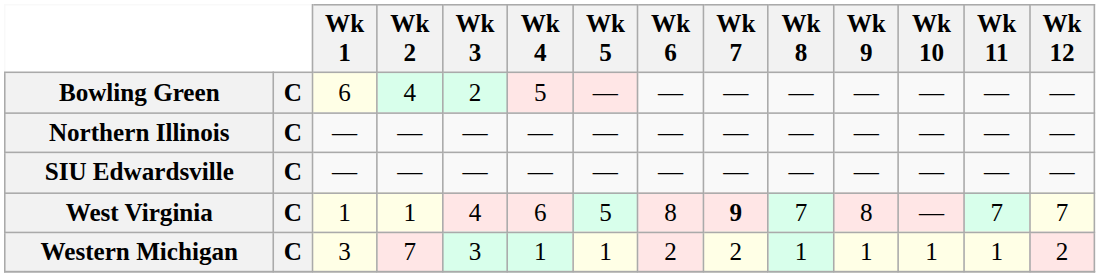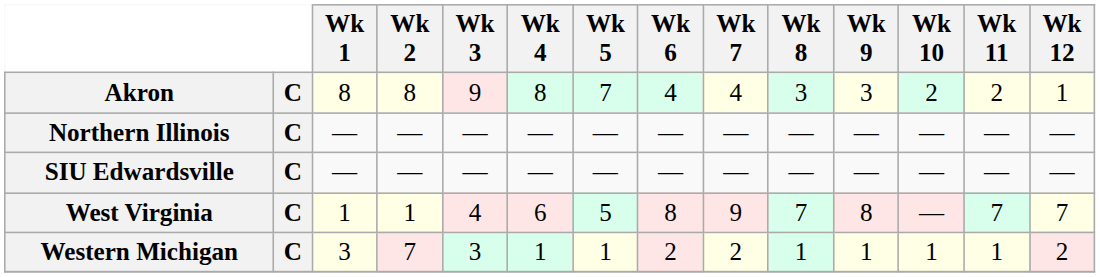 <table class="wikitable" style="text-align:center; width:55%">
 <tr>
 <th colspan=2 style="background:white; border-top-style:hidden; border-left-style:hidden;"> </th>
 <th>Wk<br>1</th>
 <th>Wk<br>2</th>
 <th>Wk<br>3</th>
 <th>Wk<br>4</th>
 <th>Wk<br>5</th>
 <th>Wk<br>6</th>
 <th>Wk<br>7</th>
 <th>Wk<br>8</th>
 <th>Wk<br>9</th>
 <th>Wk<br>10</th>
 <th>Wk<br>11</th>
 <th>Wk<br>12</th>
 </tr>
 <tr style="text-align:center;">
-<th>Bowling Green</th>
+<th>Akron</th>
 <th>C</th>
-<td style="background:#FFFFE6">6</td>
+<td style="background:#FFFFE6">8</td>
+<td style="background:#FFFFE6">8</td>
+<td style="background:#FFE6E6">9</td>
+<td style="background:#D8FFEB">8</td>
+<td style="background:#D8FFEB">7</td>
 <td style="background:#D8FFEB">4</td>
+<td style="background:#FFFFE6">4</td>
+<td style="background:#D8FFEB">3</td>
+<td style="background:#FFFFE6">3</td>
 <td style="background:#D8FFEB">2</td>
-<td style="background:#FFE6E6">5</td>
-<td style="background:#FFE6E6">—</td>
-<td style="background:#">—</td>
-<td style="background:#">—</td>
-<td style="background:#">—</td>
-<td style="background:#">—</td>
-<td style="background:#">—</td>
-<td style="background:#">—</td>
-<td style="background:#">—</td>
+<td style="background:#FFFFE6">2</td>
+<td style="background:#FFFFE6">1</td>
 </tr>
 <tr style="text-align:center;">
 <th>Northern Illinois</th>
 <th>C</th>
 <td style="background:#">—</td>
 <td style="background:#">—</td>
 <td style="background:#">—</td>
 <td style="background:#">—</td>
 <td style="background:#">—</td>
 <td style="background:#">—</td>
 <td style="background:#">—</td>
 <td style="background:#">—</td>
 <td style="background:#">—</td>
 <td style="background:#">—</td>
 <td style="background:#">—</td>
 <td style="background:#">—</td>
 </tr>
 <tr style="text-align:center;">
 <th>SIU Edwardsville</th>
 <th>C</th>
 <td style="background:#">—</td>
 <td style="background:#">—</td>
 <td style="background:#">—</td>
 <td style="background:#">—</td>
 <td style="background:#">—</td>
 <td style="background:#">—</td>
 <td style="background:#">—</td>
 <td style="background:#">—</td>
 <td style="background:#">—</td>
 <td style="background:#">—</td>
 <td style="background:#">—</td>
 <td style="background:#">—</td>
 </tr>
 <tr style="text-align:center;">
 <th>West Virginia</th>
 <th>C</th>
 <td style="background:#FFFFE6">1</td>
 <td style="background:#FFFFE6">1</td>
 <td style="background:#FFE6E6">4</td>
 <td style="background:#FFE6E6">6</td>
 <td style="background:#D8FFEB">5</td>
 <td style="background:#FFE6E6">8</td>
-<td style="background:#FFE6E6"><strong>9</strong></td>
+<td style="background:#FFE6E6">9</td>
 <td style="background:#D8FFEB">7</td>
 <td style="background:#FFE6E6">8</td>
 <td style="background:#FFE6E6">—</td>
 <td style="background:#D8FFEB">7</td>
 <td style="background:#FFFFE6">7</td>
 </tr>
 <tr style="text-align:center;">
 <th>Western Michigan</th>
 <th>C</th>
 <td style="background:#FFFFE6">3</td>
 <td style="background:#FFE6E6">7</td>
 <td style="background:#D8FFEB">3</td>
 <td style="background:#D8FFEB">1</td>
 <td style="background:#FFFFE6">1</td>
 <td style="background:#FFE6E6">2</td>
 <td style="background:#FFFFE6">2</td>
 <td style="background:#D8FFEB">1</td>
 <td style="background:#FFFFE6">1</td>
 <td style="background:#FFFFE6">1</td>
 <td style="background:#FFFFE6">1</td>
 <td style="background:#FFE6E6">2</td>
 </tr>
 <tr style="text-align:center;">
 </tr>
 </table>
